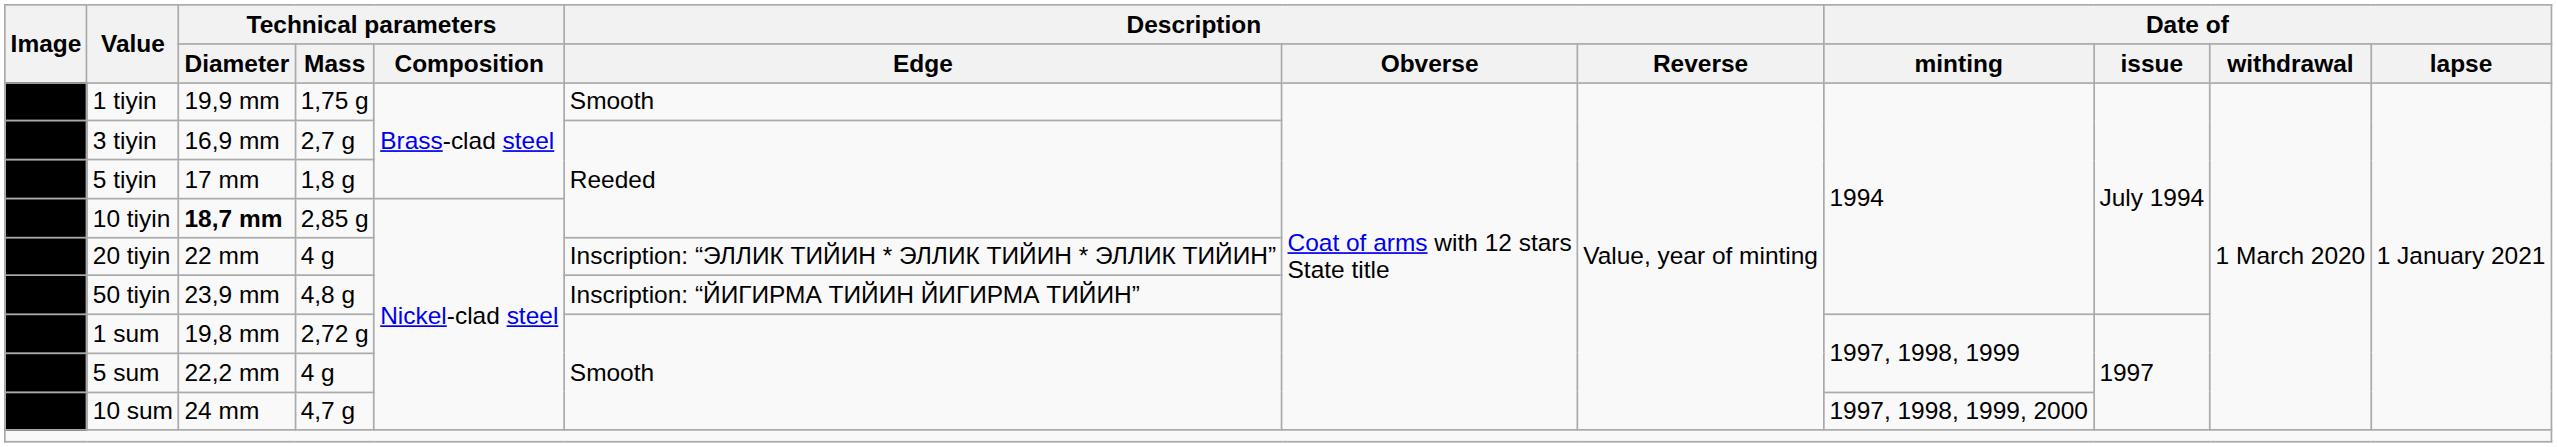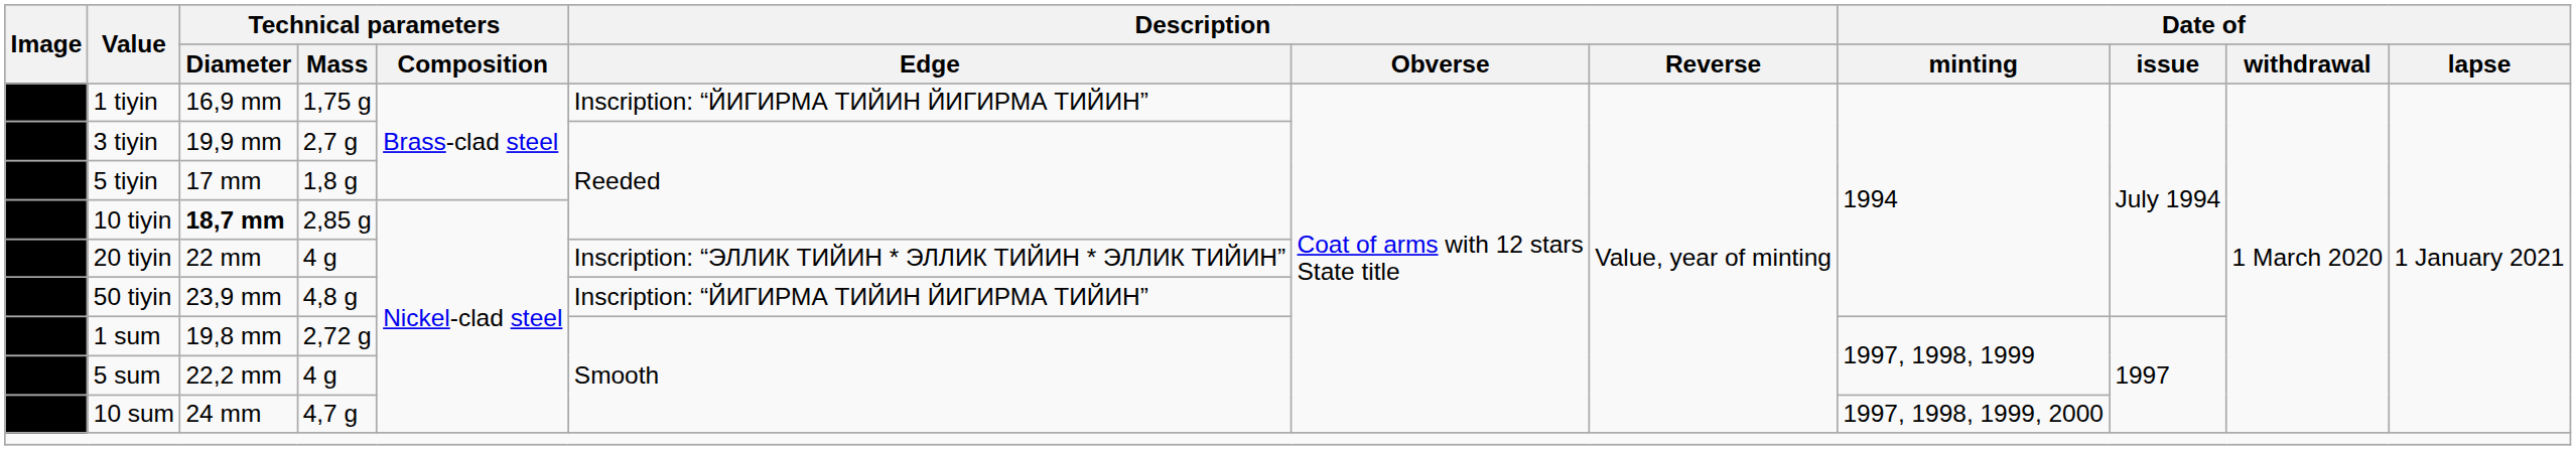 <table class="wikitable" style="font-size: 90%">
 <tr>
 <th rowspan="2">Image</th>
 <th rowspan="2">Value</th>
 <th colspan="3">Technical parameters</th>
 <th colspan="3">Description</th>
 <th colspan="4">Date of</th>
 </tr>
 <tr>
 <th>Diameter</th>
 <th>Mass</th>
 <th>Composition</th>
 <th>Edge</th>
 <th>Obverse</th>
 <th>Reverse</th>
 <th>minting</th>
 <th>issue</th>
 <th>withdrawal</th>
 <th>lapse</th>
 </tr>
 <tr>
 <td align="center" bgcolor="#000000"></td>
 <td>1 tiyin</td>
-<td>19,9 mm</td>
+<td>16,9 mm</td>
 <td>1,75 g</td>
 <td rowspan="3"><a href='#'>Brass</a>-clad <a href='#'>steel</a></td>
-<td>Smooth</td>
+<td>Inscription: “ЙИГИРМА ТИЙИН ЙИГИРМА ТИЙИН”</td>
 <td rowspan="9"><a href='#'>Coat of arms</a> with 12 stars<br>State title</td>
 <td rowspan="9">Value, year of minting</td>
 <td rowspan="6">1994</td>
 <td rowspan="6">July 1994</td>
 <td rowspan="9">1 March 2020</td>
 <td rowspan="9">1 January 2021</td>
 </tr>
 <tr>
 <td align="center" bgcolor="#000000"></td>
 <td>3 tiyin</td>
-<td>16,9 mm</td>
+<td>19,9 mm</td>
 <td>2,7 g</td>
 <td rowspan="3">Reeded</td>
 </tr>
 <tr>
 <td align="center" bgcolor="#000000"></td>
 <td>5 tiyin</td>
 <td>17 mm</td>
 <td>1,8 g</td>
 </tr>
 <tr>
 <td bgcolor="#000000"></td>
 <td>10 tiyin</td>
 <td><strong>18,7 mm</strong></td>
 <td>2,85 g</td>
 <td rowspan="6"><a href='#'>Nickel</a>-clad <a href='#'>steel</a></td>
 </tr>
 <tr>
 <td bgcolor="#000000"></td>
 <td>20 tiyin</td>
 <td>22 mm</td>
 <td>4 g</td>
 <td>Inscription: “ЭЛЛИК ТИЙИН * ЭЛЛИК ТИЙИН * ЭЛЛИК ТИЙИН”</td>
 </tr>
 <tr>
 <td bgcolor="#000000"></td>
 <td>50 tiyin</td>
 <td>23,9 mm</td>
 <td>4,8 g</td>
 <td>Inscription: “ЙИГИРМА ТИЙИН ЙИГИРМА ТИЙИН”</td>
 </tr>
 <tr>
 <td bgcolor="#000000"></td>
 <td>1 sum</td>
 <td>19,8 mm</td>
 <td>2,72 g</td>
 <td rowspan="3">Smooth</td>
 <td rowspan="2">1997, 1998, 1999</td>
 <td rowspan="3">1997</td>
 </tr>
 <tr>
 <td bgcolor="#000000"></td>
 <td>5 sum</td>
 <td>22,2 mm</td>
 <td>4 g</td>
 </tr>
 <tr>
 <td bgcolor="#000000"></td>
 <td>10 sum</td>
 <td>24 mm</td>
 <td>4,7 g</td>
 <td>1997, 1998, 1999, 2000</td>
 </tr>
 <tr>
 <td colspan="16"></td>
 </tr>
 </table>
